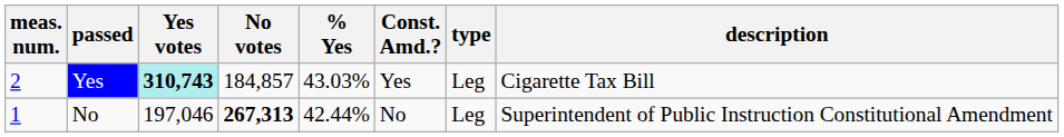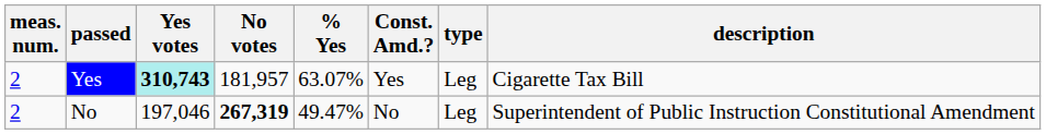 <table class="wikitable sortable">
 <tr>
 <th>meas.<br>num.</th>
 <th>passed</th>
 <th>Yes<br>votes</th>
 <th>No<br>votes</th>
 <th>%<br>Yes</th>
 <th>Const.<br>Amd.?</th>
 <th>type</th>
 <th>description</th>
 </tr>
 <tr>
 <td><a href='#'>2</a></td>
 <td style="background:blue;color:white">Yes</td>
 <td style="background: paleturquoise;"><strong>310,743</strong></td>
-<td>184,857</td>
-<td>43.03%</td>
+<td>181,957</td>
+<td>63.07%</td>
 <td>Yes</td>
 <td>Leg</td>
 <td>Cigarette Tax Bill</td>
 </tr>
 <tr>
-<td><a href='#'>1</a></td>
+<td><a href='#'>2</a></td>
 <td>No</td>
 <td>197,046</td>
-<td><strong>267,313</strong></td>
-<td>42.44%</td>
+<td><strong>267,319</strong></td>
+<td>49.47%</td>
 <td>No</td>
 <td>Leg</td>
 <td>Superintendent of Public Instruction Constitutional Amendment</td>
 </tr>
 </table>
